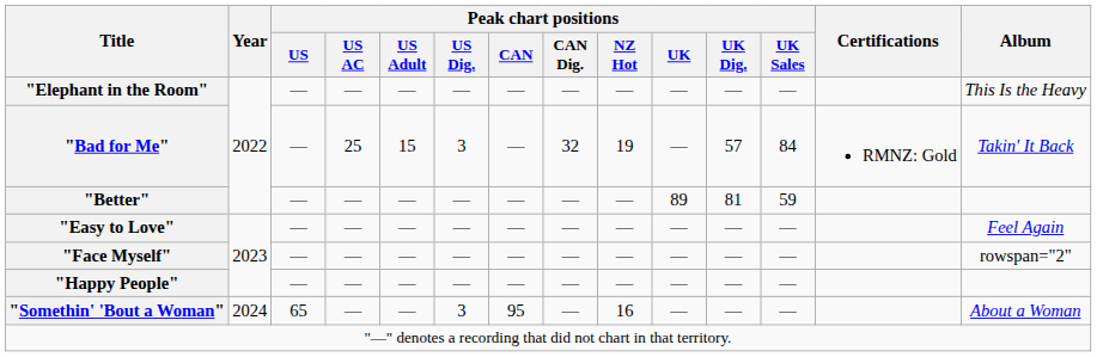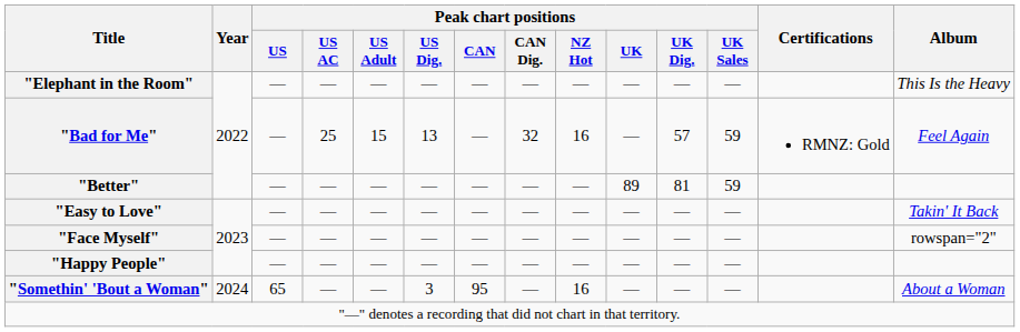 <table class="wikitable plainrowheaders" style="text-align:center;">
 <tr>
 <th scope="col" rowspan="2">Title</th>
 <th scope="col" rowspan="2">Year</th>
 <th scope="col" colspan="10">Peak chart positions</th>
 <th scope="col" rowspan="2">Certifications</th>
 <th scope="col" rowspan="2">Album</th>
 </tr>
 <tr>
 <th scope="col" style="width:3em;font-size:90%;"><a href='#'>US</a><br></th>
 <th scope="col" style="width:3em;font-size:90%;"><a href='#'>US<br>AC</a><br></th>
 <th scope="col" style="width:3em;font-size:90%;"><a href='#'>US<br>Adult</a><br></th>
 <th scope="col" style="width:3em;font-size:90%;"><a href='#'>US<br>Dig.</a><br></th>
 <th scope="col" style="width:3em;font-size:90%;"><a href='#'>CAN</a><br></th>
 <th scope="col" style="width:3em;font-size:90%;">CAN<br>Dig.<br></th>
 <th scope="col" style="width:3em;font-size:90%;"><a href='#'>NZ<br>Hot</a><br></th>
 <th scope="col" style="width:3em;font-size:90%;"><a href='#'>UK</a><br></th>
 <th scope="col" style="width:3em;font-size:90%;"><a href='#'>UK<br>Dig.</a><br></th>
 <th scope="col" style="width:3em;font-size:90%;"><a href='#'>UK<br>Sales</a><br></th>
 </tr>
 <tr>
 <th scope="row">"Elephant in the Room"<br></th>
 <td rowspan="3">2022</td>
 <td>—</td>
 <td>—</td>
 <td>—</td>
 <td>—</td>
 <td>—</td>
 <td>—</td>
 <td>—</td>
 <td>—</td>
 <td>—</td>
 <td>—</td>
 <td></td>
 <td><em>This Is the Heavy</em></td>
 </tr>
 <tr>
 <th scope="row">"<a href='#'>Bad for Me</a>"<br></th>
 <td>—</td>
 <td>25</td>
 <td>15</td>
-<td>3</td>
+<td>13</td>
 <td>—</td>
 <td>32</td>
-<td>19</td>
+<td>16</td>
 <td>—</td>
 <td>57</td>
-<td>84</td>
+<td>59</td>
 <td><br><ul><li>RMNZ: Gold</li></ul></td>
-<td><em><a href='#'>Takin' It Back</a></em></td>
+<td><em><a href='#'>Feel Again</a></em></td>
 </tr>
 <tr>
 <th scope="row">"Better"<br></th>
 <td>—</td>
 <td>—</td>
 <td>—</td>
 <td>—</td>
 <td>—</td>
 <td>—</td>
 <td>—</td>
 <td>89</td>
 <td>81</td>
 <td>59</td>
 <td></td>
 <td></td>
 </tr>
 <tr>
 <th scope="row">"Easy to Love"<br></th>
 <td rowspan="3">2023</td>
 <td>—</td>
 <td>—</td>
 <td>—</td>
 <td>—</td>
 <td>—</td>
 <td>—</td>
 <td>—</td>
 <td>—</td>
 <td>—</td>
 <td>—</td>
 <td></td>
-<td><em><a href='#'>Feel Again</a></em></td>
+<td><em><a href='#'>Takin' It Back</a></em></td>
 </tr>
 <tr>
 <th scope="row">"Face Myself"<br></th>
 <td>—</td>
 <td>—</td>
 <td>—</td>
 <td>—</td>
 <td>—</td>
 <td>—</td>
 <td>—</td>
 <td>—</td>
 <td>—</td>
 <td>—</td>
 <td></td>
 <td>rowspan="2" </td>
 </tr>
 <tr>
 <th scope="row">"Happy People"<br></th>
 <td>—</td>
 <td>—</td>
 <td>—</td>
 <td>—</td>
 <td>—</td>
 <td>—</td>
 <td>—</td>
 <td>—</td>
 <td>—</td>
 <td>—</td>
 <td></td>
 </tr>
 <tr>
 <th scope="row">"<a href='#'>Somethin' 'Bout a Woman</a>"<br></th>
 <td>2024</td>
 <td>65</td>
 <td>—</td>
 <td>—</td>
 <td>3</td>
 <td>95</td>
 <td>—</td>
 <td>16</td>
 <td>—</td>
 <td>—</td>
 <td>—</td>
 <td></td>
 <td><em><a href='#'>About a Woman</a></em></td>
 </tr>
 <tr>
 <td colspan="14" style="font-size:90%">"—" denotes a recording that did not chart in that territory.</td>
 </tr>
 </table>
